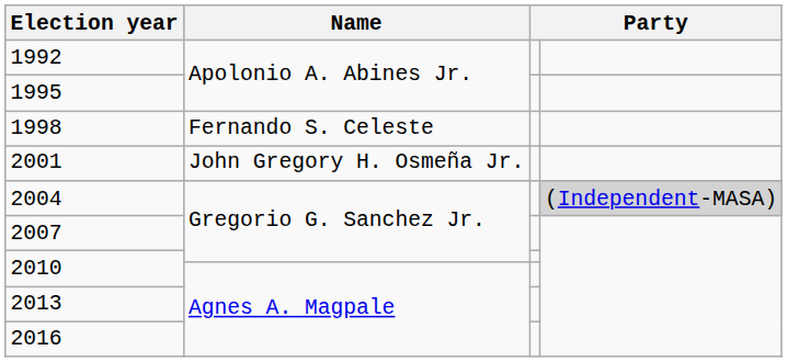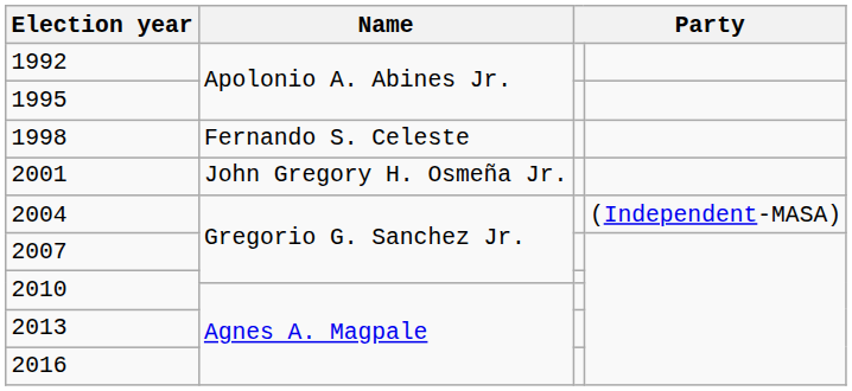 <table class="wikitable">
 <tr>
 <th>Election year</th>
 <th>Name</th>
 <th colspan="2">Party</th>
 </tr>
 <tr>
 <td>1992</td>
 <td rowspan="2">Apolonio A. Abines Jr.</td>
 <td></td>
 <td></td>
 </tr>
 <tr>
 <td>1995</td>
 <td></td>
 <td></td>
 </tr>
 <tr>
 <td>1998</td>
 <td>Fernando S. Celeste</td>
 <td></td>
 <td></td>
 </tr>
 <tr>
 <td>2001</td>
 <td>John Gregory H. Osmeña Jr.</td>
 <td></td>
 <td></td>
 </tr>
 <tr>
 <td>2004</td>
 <td rowspan="3">Gregorio G. Sanchez Jr.</td>
 <td></td>
-<td style="background: lightgrey;">(<a href='#'>Independent</a>-MASA)</td>
+<td>(<a href='#'>Independent</a>-MASA)</td>
 </tr>
 <tr>
 <td>2007</td>
 <td></td>
 </tr>
 <tr>
 <td rowspan="2">2010</td>
 <td></td>
 </tr>
 <tr>
 <td rowspan="3"><a href='#'>Agnes A. Magpale</a></td>
 <td></td>
 </tr>
 <tr>
 <td>2013</td>
 <td></td>
 </tr>
 <tr>
 <td>2016</td>
 <td></td>
 </tr>
 </table>
